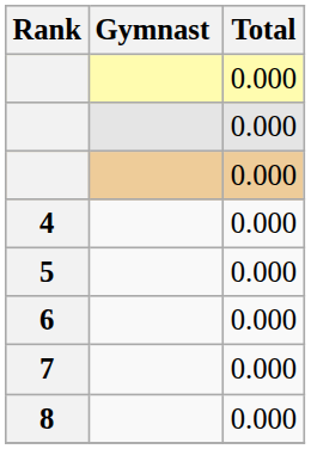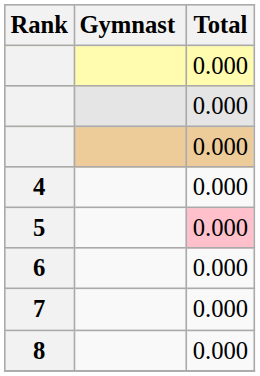 <table class="wikitable sortable" style="text-align:center; font-size:95%">
 <tr>
 <th scope=col>Rank</th>
 <th scope=col>Gymnast </th>
 <th scope=col>Total</th>
 </tr>
 <tr bgcolor=fffcaf>
 <th scope=row style="text-align:center"></th>
 <td align=left> </td>
 <td>0.000</td>
 </tr>
 <tr bgcolor=e5e5e5>
 <th scope=row style="text-align:center"></th>
 <td align=left> </td>
 <td>0.000</td>
 </tr>
 <tr bgcolor=eecc99>
 <th scope=row style="text-align:center"></th>
 <td align=left> </td>
 <td>0.000</td>
 </tr>
 <tr>
 <th scope=row style="text-align:center">4</th>
 <td align=left> </td>
 <td>0.000</td>
 </tr>
 <tr>
 <th scope=row style="text-align:center">5</th>
 <td align=left> </td>
-<td>0.000</td>
+<td style="background: pink;">0.000</td>
 </tr>
 <tr>
 <th scope=row style="text-align:center">6</th>
 <td align=left> </td>
 <td>0.000</td>
 </tr>
 <tr>
 <th scope=row style="text-align:center">7</th>
 <td align=left> </td>
 <td>0.000</td>
 </tr>
 <tr>
 <th scope=row style="text-align:center">8</th>
 <td align=left> </td>
 <td>0.000</td>
 </tr>
 <tr>
 </tr>
 </table>
